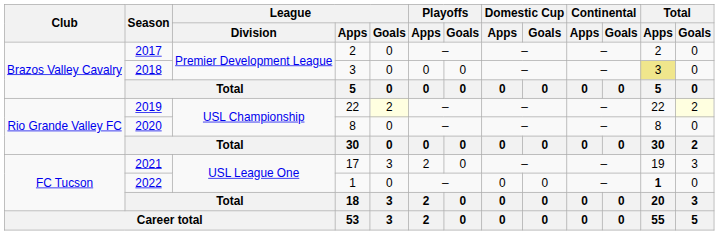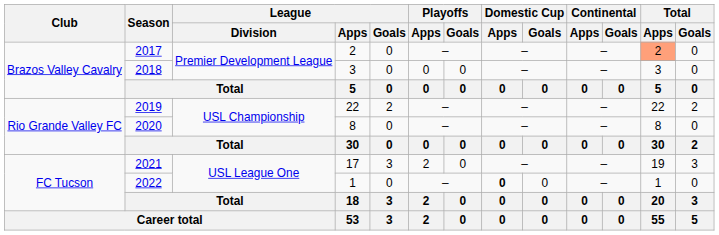 <table class="wikitable" style="text-align: center">
 <tr>
 <th rowspan="2">Club</th>
 <th rowspan="2">Season</th>
 <th colspan="3">League</th>
 <th colspan="2">Playoffs</th>
 <th colspan="2">Domestic Cup</th>
 <th colspan="2">Continental</th>
 <th colspan="2">Total</th>
 </tr>
 <tr>
 <th>Division</th>
 <th>Apps</th>
 <th>Goals</th>
 <th>Apps</th>
 <th>Goals</th>
 <th>Apps</th>
 <th>Goals</th>
 <th>Apps</th>
 <th>Goals</th>
 <th>Apps</th>
 <th>Goals</th>
 </tr>
 <tr>
 <td rowspan=3><a href='#'>Brazos Valley Cavalry</a></td>
 <td><a href='#'>2017</a></td>
 <td rowspan=2><a href='#'>Premier Development League</a></td>
 <td>2</td>
 <td>0</td>
 <td colspan="2">–</td>
 <td colspan="2">–</td>
 <td colspan="2">–</td>
-<td>2</td>
+<td style="background: lightsalmon;">2</td>
 <td>0</td>
 </tr>
 <tr>
 <td><a href='#'>2018</a></td>
 <td>3</td>
 <td>0</td>
 <td>0</td>
 <td>0</td>
 <td colspan="2">–</td>
 <td colspan="2">–</td>
-<td style="background: khaki;">3</td>
+<td>3</td>
 <td>0</td>
 </tr>
 <tr>
 <th colspan="2"><strong>Total</strong></th>
 <th>5</th>
 <th>0</th>
 <th>0</th>
 <th>0</th>
 <th>0</th>
 <th>0</th>
 <th>0</th>
 <th>0</th>
 <th>5</th>
 <th>0</th>
 </tr>
 <tr>
 <td rowspan=3><a href='#'>Rio Grande Valley FC</a></td>
 <td><a href='#'>2019</a></td>
 <td rowspan=2><a href='#'>USL Championship</a></td>
 <td>22</td>
-<td style="background: lightyellow;">2</td>
+<td>2</td>
 <td colspan="2">–</td>
 <td colspan="2">–</td>
 <td colspan="2">–</td>
 <td>22</td>
-<td style="background: lightyellow;">2</td>
+<td>2</td>
 </tr>
 <tr>
 <td><a href='#'>2020</a></td>
 <td>8</td>
 <td>0</td>
 <td colspan="2">–</td>
 <td colspan="2">–</td>
 <td colspan="2">–</td>
 <td>8</td>
 <td>0</td>
 </tr>
 <tr>
 <th colspan="2"><strong>Total</strong></th>
 <th>30</th>
 <th>0</th>
 <th>0</th>
 <th>0</th>
 <th>0</th>
 <th>0</th>
 <th>0</th>
 <th>0</th>
 <th>30</th>
 <th>2</th>
 </tr>
 <tr>
 <td rowspan=3><a href='#'>FC Tucson</a></td>
 <td><a href='#'>2021</a></td>
 <td rowspan=2><a href='#'>USL League One</a></td>
 <td>17</td>
 <td>3</td>
 <td>2</td>
 <td>0</td>
 <td colspan="2">–</td>
 <td colspan="2">–</td>
 <td>19</td>
 <td>3</td>
 </tr>
 <tr>
 <td><a href='#'>2022</a></td>
 <td>1</td>
 <td>0</td>
 <td colspan="2">–</td>
-<td>0</td>
+<td><strong>0</strong></td>
 <td>0</td>
 <td colspan="2">–</td>
-<td><strong>1</strong></td>
+<td>1</td>
 <td>0</td>
 </tr>
 <tr>
 <th colspan="2"><strong>Total</strong></th>
 <th>18</th>
 <th>3</th>
 <th>2</th>
 <th>0</th>
 <th>0</th>
 <th>0</th>
 <th>0</th>
 <th>0</th>
 <th>20</th>
 <th>3</th>
 </tr>
 <tr>
 <th colspan="3"><strong>Career total</strong></th>
 <th>53</th>
 <th>3</th>
 <th>2</th>
 <th>0</th>
 <th>0</th>
 <th>0</th>
 <th>0</th>
 <th>0</th>
 <th>55</th>
 <th>5</th>
 </tr>
 </table>
